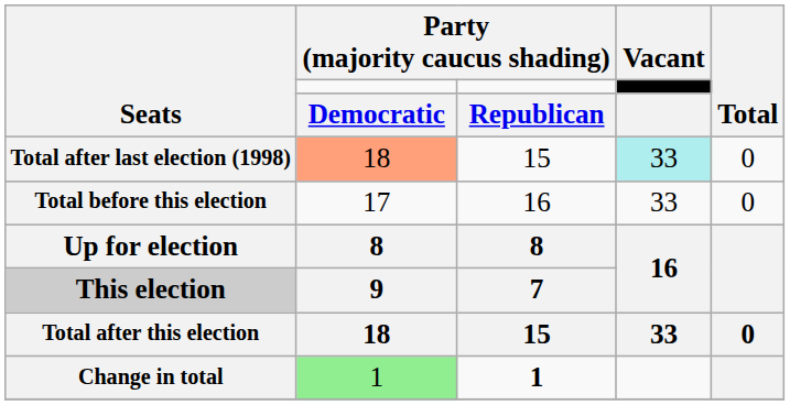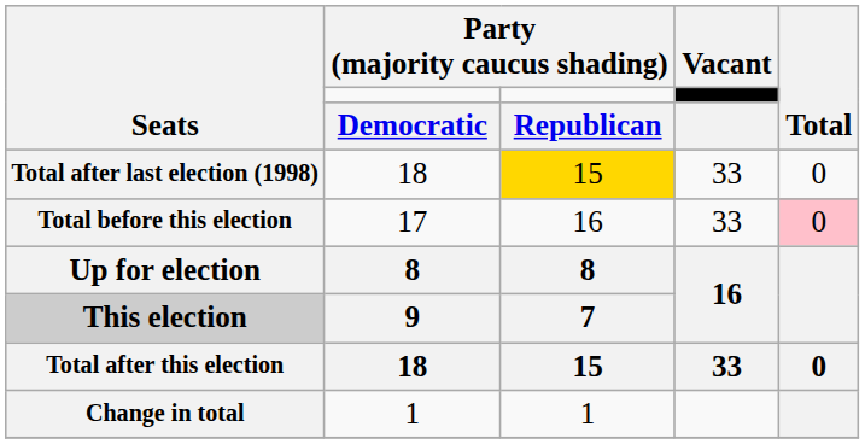 <table class=wikitable style="text-align:center">
 <tr style="vertical-align:bottom;">
 <th rowspan=3>Seats</th>
 <th colspan=2>Party <div>(majority caucus shading)</div></th>
 <th>Vacant</th>
 <th rowspan=3>Total</th>
 </tr>
 <tr style="height:5px">
 <td style="background-color:"></td>
 <td style="background-color:"></td>
 <td style="background: black"></td>
 </tr>
 <tr>
 <th><a href='#'>Democratic</a></th>
 <th><a href='#'>Republican</a></th>
 <th></th>
 </tr>
 <tr>
 <th nowrap style="font-size:80%">Total after last election (1998)</th>
-<td style="background: lightsalmon;">18</td>
-<td>15</td>
-<td style="background: paleturquoise;">33</td>
+<td>18</td>
+<td style="background: gold;">15</td>
+<td>33</td>
 <td>0</td>
 </tr>
 <tr>
 <th nowrap style="font-size:80%">Total before this election</th>
 <td>17</td>
 <td>16</td>
 <td>33</td>
-<td>0</td>
+<td style="background: pink;">0</td>
 </tr>
 <tr>
 <th>Up for election</th>
 <th>8</th>
 <th>8</th>
 <th rowspan="2">16</th>
 <th rowspan="2"></th>
 </tr>
 <tr>
 <th style="background:#ccc">This election</th>
 <th>9</th>
 <th>7</th>
 </tr>
 <tr>
 <th nowrap style="font-size:80%">Total after this election</th>
 <th>18</th>
 <th>15</th>
 <th>33</th>
 <th>0</th>
 </tr>
 <tr>
 <th nowrap style="font-size:80%">Change in total</th>
-<td style="background: lightgreen;"> 1</td>
-<td><strong> 1</strong></td>
+<td> 1</td>
+<td> 1</td>
 <td></td>
 <th></th>
 </tr>
 <tr>
 </tr>
 </table>
